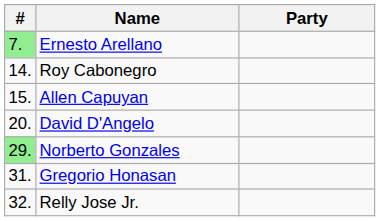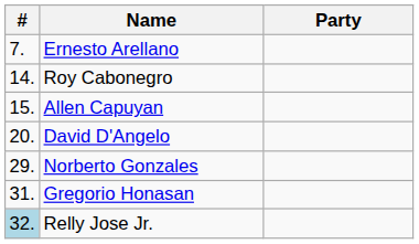 <table class=wikitable style="font-size:90%">
 <tr>
 <th>#</th>
 <th width=55%>Name</th>
 <th colspan=2 width=110px>Party</th>
 </tr>
 <tr>
-<td style="background: lightgreen;">7.</td>
+<td>7.</td>
 <td><a href='#'>Ernesto Arellano</a></td>
 <td></td>
 </tr>
 <tr>
 <td>14.</td>
 <td>Roy Cabonegro</td>
 <td></td>
 </tr>
 <tr>
 <td>15.</td>
 <td><a href='#'>Allen Capuyan</a></td>
 <td></td>
 </tr>
 <tr>
 <td>20.</td>
 <td><a href='#'>David D'Angelo</a></td>
 <td></td>
 </tr>
 <tr>
-<td style="background: lightgreen;">29.</td>
+<td>29.</td>
 <td><a href='#'>Norberto Gonzales</a></td>
 <td></td>
 </tr>
 <tr>
 <td>31.</td>
 <td><a href='#'>Gregorio Honasan</a></td>
 <td></td>
 </tr>
 <tr>
-<td>32.</td>
+<td style="background: lightblue;">32.</td>
 <td>Relly Jose Jr.</td>
 <td></td>
 </tr>
 </table>
